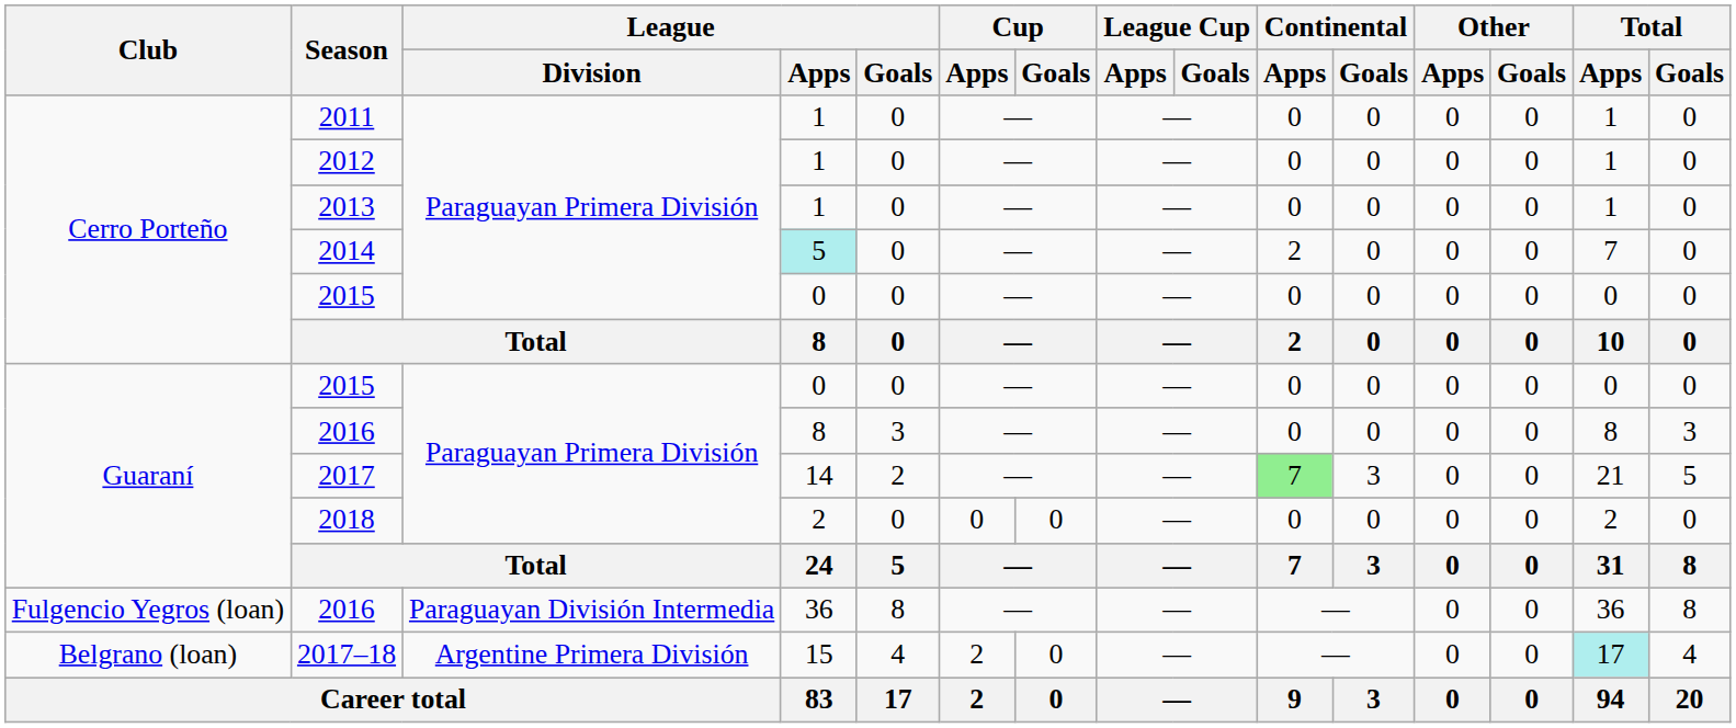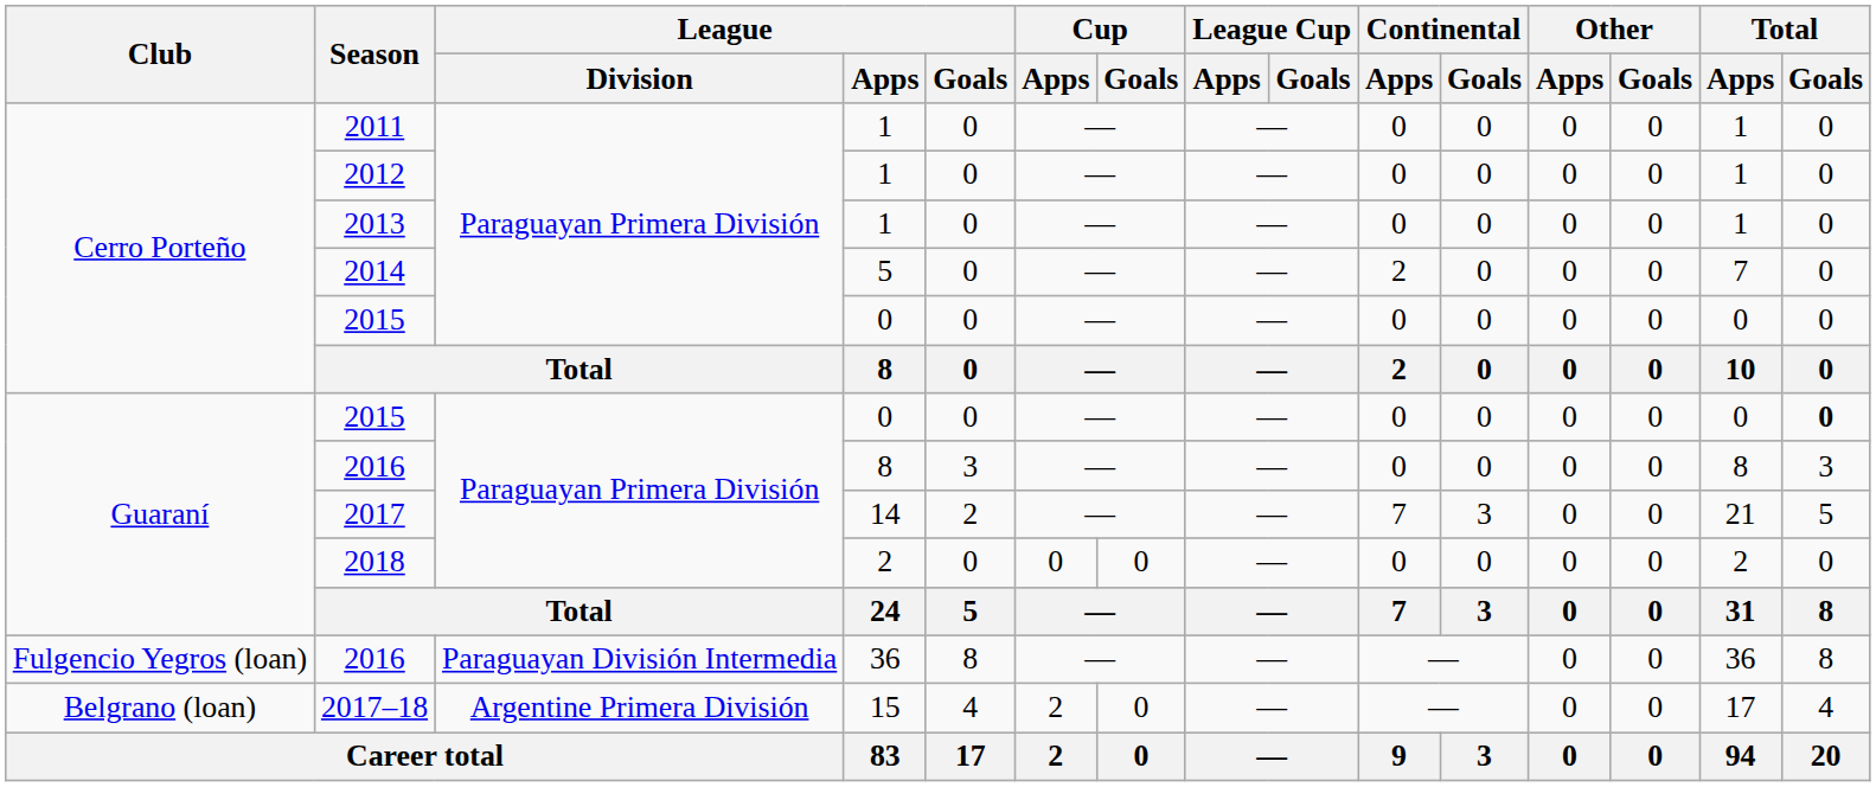 <table class="wikitable" style="text-align:center">
 <tr>
 <th rowspan="2">Club</th>
 <th rowspan="2">Season</th>
 <th colspan="3">League</th>
 <th colspan="2">Cup</th>
 <th colspan="2">League Cup</th>
 <th colspan="2">Continental</th>
 <th colspan="2">Other</th>
 <th colspan="2">Total</th>
 </tr>
 <tr>
 <th>Division</th>
 <th>Apps</th>
 <th>Goals</th>
 <th>Apps</th>
 <th>Goals</th>
 <th>Apps</th>
 <th>Goals</th>
 <th>Apps</th>
 <th>Goals</th>
 <th>Apps</th>
 <th>Goals</th>
 <th>Apps</th>
 <th>Goals</th>
 </tr>
 <tr>
 <td rowspan="6"><a href='#'>Cerro Porteño</a></td>
 <td><a href='#'>2011</a></td>
 <td rowspan="5"><a href='#'>Paraguayan Primera División</a></td>
 <td>1</td>
 <td>0</td>
 <td colspan="2">—</td>
 <td colspan="2">—</td>
 <td>0</td>
 <td>0</td>
 <td>0</td>
 <td>0</td>
 <td>1</td>
 <td>0</td>
 </tr>
 <tr>
 <td><a href='#'>2012</a></td>
 <td>1</td>
 <td>0</td>
 <td colspan="2">—</td>
 <td colspan="2">—</td>
 <td>0</td>
 <td>0</td>
 <td>0</td>
 <td>0</td>
 <td>1</td>
 <td>0</td>
 </tr>
 <tr>
 <td><a href='#'>2013</a></td>
 <td>1</td>
 <td>0</td>
 <td colspan="2">—</td>
 <td colspan="2">—</td>
 <td>0</td>
 <td>0</td>
 <td>0</td>
 <td>0</td>
 <td>1</td>
 <td>0</td>
 </tr>
 <tr>
 <td><a href='#'>2014</a></td>
-<td style="background: paleturquoise;">5</td>
+<td>5</td>
 <td>0</td>
 <td colspan="2">—</td>
 <td colspan="2">—</td>
 <td>2</td>
 <td>0</td>
 <td>0</td>
 <td>0</td>
 <td>7</td>
 <td>0</td>
 </tr>
 <tr>
 <td><a href='#'>2015</a></td>
 <td>0</td>
 <td>0</td>
 <td colspan="2">—</td>
 <td colspan="2">—</td>
 <td>0</td>
 <td>0</td>
 <td>0</td>
 <td>0</td>
 <td>0</td>
 <td>0</td>
 </tr>
 <tr>
 <th colspan="2">Total</th>
 <th>8</th>
 <th>0</th>
 <th colspan="2">—</th>
 <th colspan="2">—</th>
 <th>2</th>
 <th>0</th>
 <th>0</th>
 <th>0</th>
 <th>10</th>
 <th>0</th>
 </tr>
 <tr>
 <td rowspan="5"><a href='#'>Guaraní</a></td>
 <td><a href='#'>2015</a></td>
 <td rowspan="4"><a href='#'>Paraguayan Primera División</a></td>
 <td>0</td>
 <td>0</td>
 <td colspan="2">—</td>
 <td colspan="2">—</td>
 <td>0</td>
 <td>0</td>
 <td>0</td>
 <td>0</td>
 <td>0</td>
-<td>0</td>
+<td><strong>0</strong></td>
 </tr>
 <tr>
 <td><a href='#'>2016</a></td>
 <td>8</td>
 <td>3</td>
 <td colspan="2">—</td>
 <td colspan="2">—</td>
 <td>0</td>
 <td>0</td>
 <td>0</td>
 <td>0</td>
 <td>8</td>
 <td>3</td>
 </tr>
 <tr>
 <td><a href='#'>2017</a></td>
 <td>14</td>
 <td>2</td>
 <td colspan="2">—</td>
 <td colspan="2">—</td>
-<td style="background: lightgreen;">7</td>
+<td>7</td>
 <td>3</td>
 <td>0</td>
 <td>0</td>
 <td>21</td>
 <td>5</td>
 </tr>
 <tr>
 <td><a href='#'>2018</a></td>
 <td>2</td>
 <td>0</td>
 <td>0</td>
 <td>0</td>
 <td colspan="2">—</td>
 <td>0</td>
 <td>0</td>
 <td>0</td>
 <td>0</td>
 <td>2</td>
 <td>0</td>
 </tr>
 <tr>
 <th colspan="2">Total</th>
 <th>24</th>
 <th>5</th>
 <th colspan="2">—</th>
 <th colspan="2">—</th>
 <th>7</th>
 <th>3</th>
 <th>0</th>
 <th>0</th>
 <th>31</th>
 <th>8</th>
 </tr>
 <tr>
 <td rowspan="1"><a href='#'>Fulgencio Yegros</a> (loan)</td>
 <td><a href='#'>2016</a></td>
 <td rowspan="1"><a href='#'>Paraguayan División Intermedia</a></td>
 <td>36</td>
 <td>8</td>
 <td colspan="2">—</td>
 <td colspan="2">—</td>
 <td colspan="2">—</td>
 <td>0</td>
 <td>0</td>
 <td>36</td>
 <td>8</td>
 </tr>
 <tr>
 <td rowspan="1"><a href='#'>Belgrano</a> (loan)</td>
 <td><a href='#'>2017–18</a></td>
 <td rowspan="1"><a href='#'>Argentine Primera División</a></td>
 <td>15</td>
 <td>4</td>
 <td>2</td>
 <td>0</td>
 <td colspan="2">—</td>
 <td colspan="2">—</td>
 <td>0</td>
 <td>0</td>
-<td style="background: paleturquoise;">17</td>
+<td>17</td>
 <td>4</td>
 </tr>
 <tr>
 <th colspan="3">Career total</th>
 <th>83</th>
 <th>17</th>
 <th>2</th>
 <th>0</th>
 <th colspan="2">—</th>
 <th>9</th>
 <th>3</th>
 <th>0</th>
 <th>0</th>
 <th>94</th>
 <th>20</th>
 </tr>
 </table>
